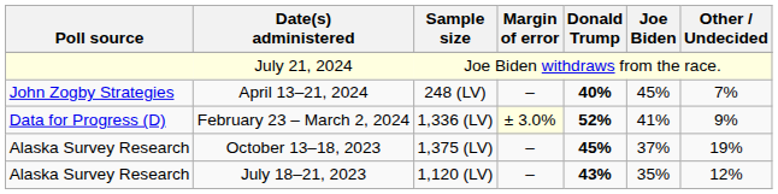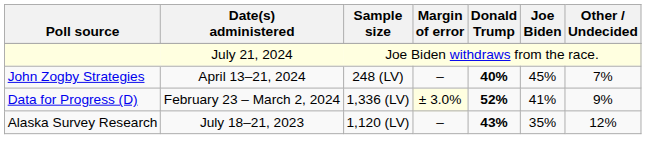 <table class="wikitable sortable mw-datatable" style="font-size:90%;text-align:center;line-height:17px">
 <tr valign=bottom>
 <th>Poll source</th>
 <th>Date(s)<br>administered</th>
 <th>Sample<br>size</th>
 <th>Margin<br>of error</th>
 <th class="unsortable">Donald<br>Trump<br></th>
 <th class="unsortable">Joe<br>Biden<br></th>
 <th class="unsortable">Other /<br>Undecided</th>
 </tr>
 <tr>
 </tr>
 <tr style="background:lightyellow;">
 <td style="border-right-style:hidden;"></td>
 <td style="border-right-style:hidden; " data-sort-value="2024-07-21">July 21, 2024</td>
 <td colspan="5">Joe Biden <a href='#'>withdraws</a> from the race.</td>
 </tr>
 <tr>
 <td style="text-align:left;"><a href='#'>John Zogby Strategies</a></td>
 <td data-sort-value="2024-05-01">April 13–21, 2024</td>
 <td>248 (LV)</td>
 <td>–</td>
 <td style="background-color:"><strong>40%</strong></td>
 <td>45%</td>
 <td>7%</td>
 </tr>
 <tr>
 <td style="text-align:left;"><a href='#'>Data for Progress (D)</a></td>
 <td data-sort-value=2024-03-08>February 23 – March 2, 2024</td>
 <td>1,336 (LV)</td>
 <td style="background: lightyellow;">± 3.0%</td>
 <td style="background-color:"><strong>52%</strong></td>
 <td>41%</td>
 <td>9%</td>
 </tr>
 <tr>
 <td style="text-align:left;">Alaska Survey Research</td>
-<td data-sort-value=2023-10-18>October 13–18, 2023</td>
-<td>1,375 (LV)</td>
-<td>–</td>
-<td style="background-color:"><strong>45%</strong></td>
-<td>37%</td>
-<td>19%</td>
-</tr>
-<tr>
-<td style="text-align:left;">Alaska Survey Research</td>
 <td data-sort-value=2023-07-21>July 18–21, 2023</td>
 <td>1,120 (LV)</td>
 <td>–</td>
 <td style="background-color:"><strong>43%</strong></td>
 <td>35%</td>
 <td>12%</td>
 </tr>
 </table>
